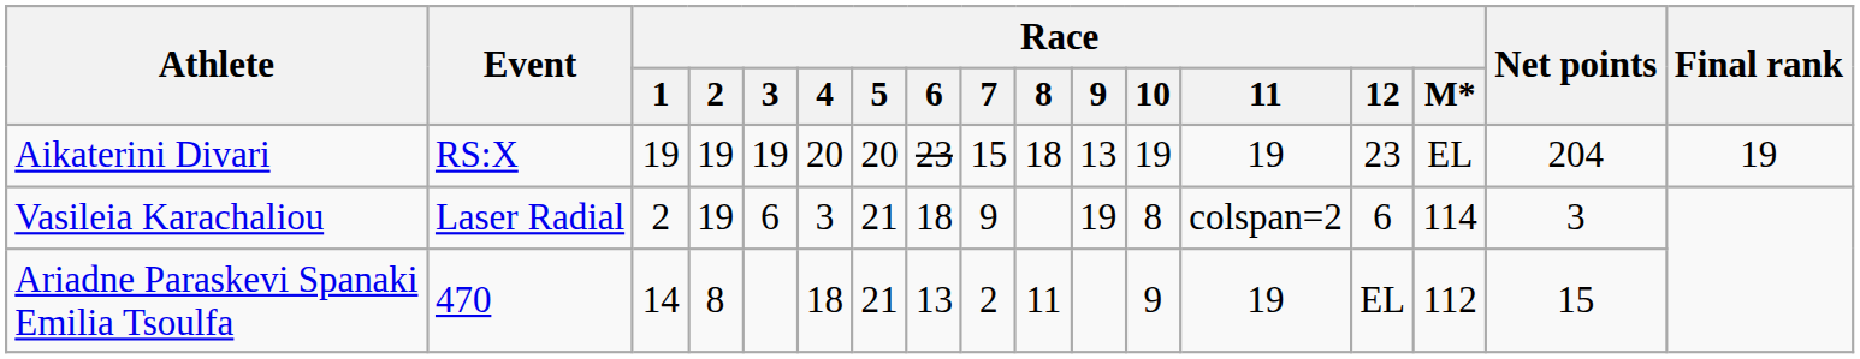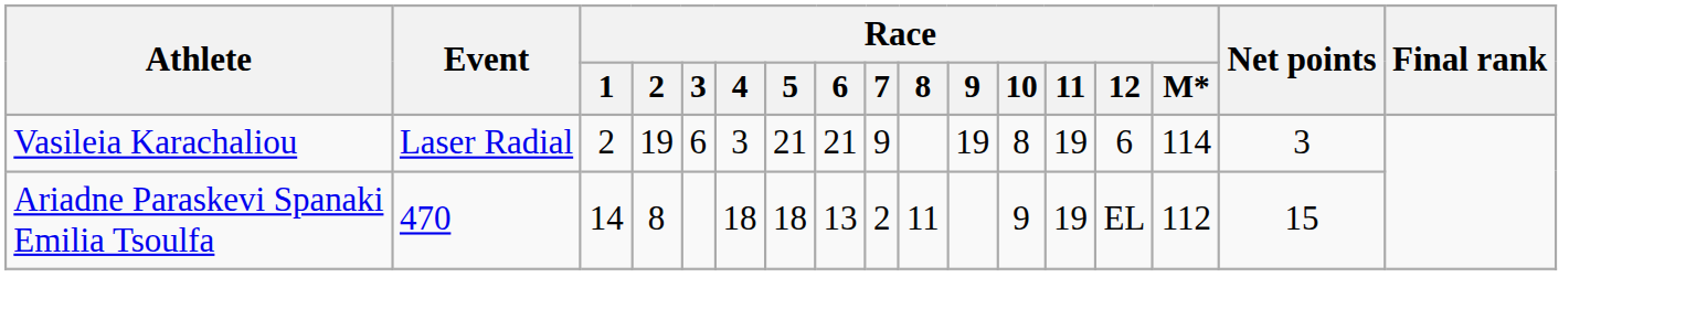 <table class="wikitable" style="font-size:90%">
 <tr>
 <th rowspan=2>Athlete</th>
 <th rowspan=2>Event</th>
 <th colspan=13>Race</th>
 <th rowspan=2>Net points</th>
 <th rowspan=2>Final rank</th>
 </tr>
 <tr style="font-size:95%">
 <th>1</th>
 <th>2</th>
 <th>3</th>
 <th>4</th>
 <th>5</th>
 <th>6</th>
 <th>7</th>
 <th>8</th>
 <th>9</th>
 <th>10</th>
 <th>11</th>
 <th>12</th>
 <th>M*</th>
 </tr>
 <tr align=center>
-<td align=left><a href='#'>Aikaterini Divari</a></td>
-<td align=left><a href='#'>RS:X</a></td>
-<td>19</td>
-<td>19</td>
-<td>19</td>
-<td>20</td>
-<td>20</td>
-<td><s>23</s></td>
-<td>15</td>
-<td>18</td>
-<td>13</td>
-<td>19</td>
-<td>19</td>
-<td>23</td>
-<td>EL</td>
-<td>204</td>
-<td>19</td>
-</tr>
-<tr align=center>
 <td align=left><a href='#'>Vasileia Karachaliou</a></td>
 <td align=left><a href='#'>Laser Radial</a></td>
 <td>2</td>
 <td>19</td>
 <td>6</td>
 <td>3</td>
 <td>21</td>
-<td>18</td>
+<td>21</td>
 <td>9</td>
 <td></td>
 <td>19</td>
 <td>8</td>
-<td>colspan=2 </td>
+<td>19</td>
 <td>6</td>
 <td>114</td>
 <td>3</td>
 </tr>
 <tr align=center>
 <td align=left><a href='#'>Ariadne Paraskevi Spanaki</a><br><a href='#'>Emilia Tsoulfa</a></td>
 <td align=left><a href='#'>470</a></td>
 <td>14</td>
 <td>8</td>
 <td></td>
 <td>18</td>
-<td>21</td>
+<td>18</td>
 <td>13</td>
 <td>2</td>
 <td>11</td>
 <td></td>
 <td>9</td>
 <td>19</td>
 <td>EL</td>
 <td>112</td>
 <td>15</td>
 </tr>
 </table>
